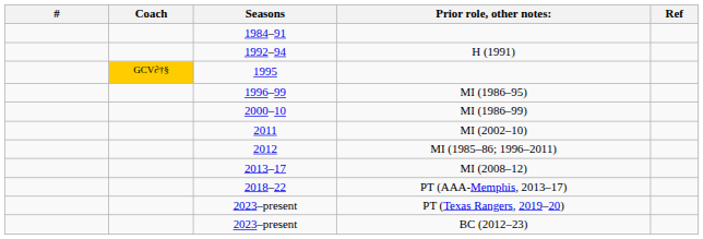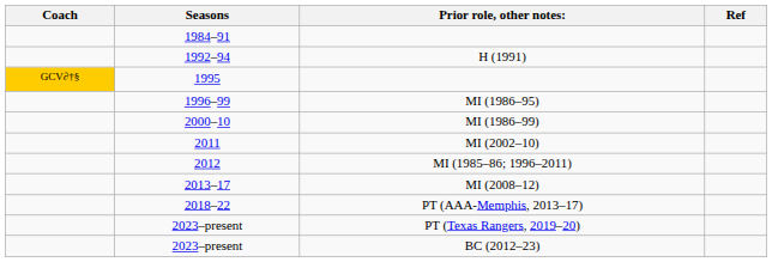 <table class="wikitable sortable" style="text-align:center; width:74%">
 <tr>
-<th width="15%">#</th>
 <th>Coach</th>
 <th>Seasons</th>
 <th class="unsortable">Prior role, other notes:</th>
 <th class="unsortable">Ref</th>
 </tr>
 <tr>
 <td></td>
-<td></td>
 <td><a href='#'>1984</a>–<a href='#'>91</a></td>
 <td></td>
 <td></td>
 </tr>
 <tr>
 <td></td>
-<td></td>
 <td><a href='#'>1992</a>–<a href='#'>94</a></td>
 <td>H (1991)</td>
 <td></td>
 </tr>
 <tr>
-<td></td>
 <td style="background-color:#ffcc00"> <sup>GCV∂†§</sup></td>
 <td><a href='#'>1995</a></td>
 <td></td>
 <td></td>
 </tr>
 <tr>
 <td></td>
-<td></td>
 <td><a href='#'>1996</a>–<a href='#'>99</a></td>
 <td>MI (1986–95)</td>
 <td></td>
 </tr>
 <tr>
-<td></td>
 <td></td>
 <td><a href='#'>2000</a>–<a href='#'>10</a></td>
 <td>MI (1986–99)</td>
 <td></td>
 </tr>
 <tr>
 <td></td>
-<td></td>
 <td><a href='#'>2011</a></td>
 <td>MI (2002–10)</td>
 <td></td>
 </tr>
 <tr>
-<td></td>
 <td></td>
 <td><a href='#'>2012</a></td>
 <td>MI (1985–86; 1996–2011)</td>
 <td></td>
 </tr>
 <tr>
 <td></td>
-<td></td>
 <td><a href='#'>2013</a>–<a href='#'>17</a></td>
 <td>MI (2008–12)</td>
 <td></td>
 </tr>
 <tr>
-<td></td>
 <td></td>
 <td><a href='#'>2018</a>–<a href='#'>22</a></td>
 <td>PT (AAA-<a href='#'>Memphis</a>, 2013–17)</td>
 <td></td>
 </tr>
 <tr>
 <td></td>
-<td></td>
 <td><a href='#'>2023</a>–present</td>
 <td>PT (<a href='#'>Texas Rangers</a>, <a href='#'>2019</a>–<a href='#'>20</a>)</td>
 <td></td>
 </tr>
 <tr>
 <td></td>
-<td></td>
 <td><a href='#'>2023</a>–present</td>
 <td>BC (2012–23)</td>
 <td></td>
 </tr>
 </table>
